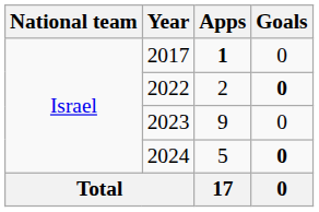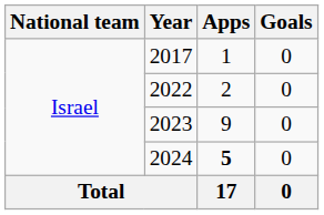 <table class=wikitable style=text-align:center>
 <tr>
 <th>National team</th>
 <th>Year</th>
 <th>Apps</th>
 <th>Goals</th>
 </tr>
 <tr>
 <td rowspan="4"><a href='#'>Israel</a></td>
 <td>2017</td>
-<td><strong>1</strong></td>
+<td>1</td>
 <td>0</td>
 </tr>
 <tr>
 <td>2022</td>
 <td>2</td>
-<td><strong>0</strong></td>
+<td>0</td>
 </tr>
 <tr>
 <td>2023</td>
 <td>9</td>
 <td>0</td>
 </tr>
 <tr>
 <td>2024</td>
-<td>5</td>
-<td><strong>0</strong></td>
+<td><strong>5</strong></td>
+<td>0</td>
 </tr>
 <tr>
 <th colspan="2">Total</th>
 <th>17</th>
 <th>0</th>
 </tr>
 </table>
